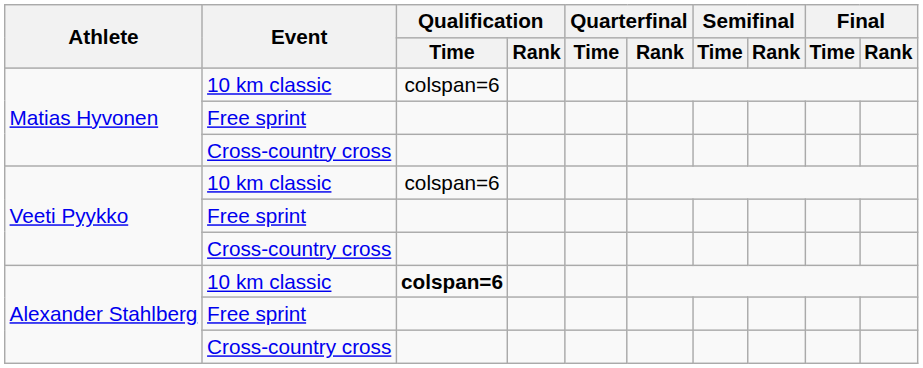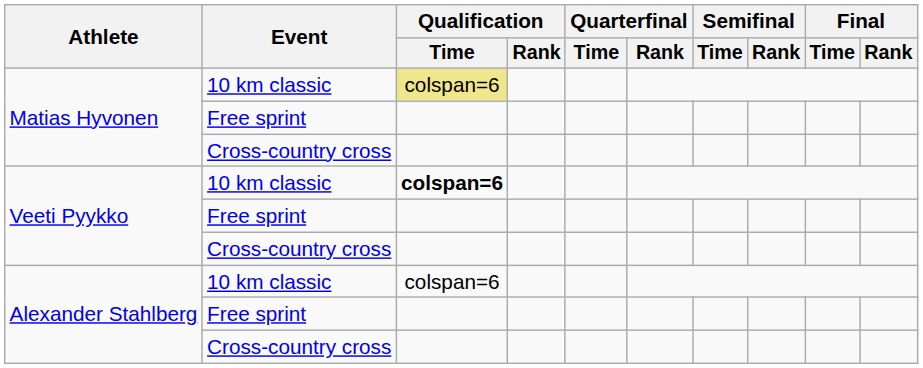 <table class="wikitable" style="font-size:90%">
 <tr>
 <th rowspan="2">Athlete</th>
 <th rowspan="2">Event</th>
 <th colspan="2">Qualification</th>
 <th colspan="2">Quarterfinal</th>
 <th colspan="2">Semifinal</th>
 <th colspan="2">Final</th>
 </tr>
 <tr style="font-size:95%">
 <th>Time</th>
 <th>Rank</th>
 <th>Time</th>
 <th>Rank</th>
 <th>Time</th>
 <th>Rank</th>
 <th>Time</th>
 <th>Rank</th>
 </tr>
 <tr align=center>
 <td align=left rowspan=3><a href='#'>Matias Hyvonen</a></td>
 <td align=left><a href='#'>10 km classic</a></td>
-<td>colspan=6 </td>
+<td style="background: khaki;">colspan=6 </td>
 <td></td>
 <td></td>
 </tr>
 <tr align=center>
 <td align=left><a href='#'>Free sprint</a></td>
 <td></td>
 <td></td>
 <td></td>
 <td></td>
 <td></td>
 <td></td>
 <td></td>
 <td></td>
 </tr>
 <tr align=center>
 <td align=left><a href='#'>Cross-country cross</a></td>
 <td></td>
 <td></td>
 <td></td>
 <td></td>
 <td></td>
 <td></td>
 <td></td>
 <td></td>
 </tr>
 <tr align=center>
 <td align=left rowspan=3><a href='#'>Veeti Pyykko</a></td>
 <td align=left><a href='#'>10 km classic</a></td>
-<td>colspan=6 </td>
+<td><strong>colspan=6 </strong></td>
 <td></td>
 <td></td>
 </tr>
 <tr align=center>
 <td align=left><a href='#'>Free sprint</a></td>
 <td></td>
 <td></td>
 <td></td>
 <td></td>
 <td></td>
 <td></td>
 <td></td>
 <td></td>
 </tr>
 <tr align=center>
 <td align=left><a href='#'>Cross-country cross</a></td>
 <td></td>
 <td></td>
 <td></td>
 <td></td>
 <td></td>
 <td></td>
 <td></td>
 <td></td>
 </tr>
 <tr align=center>
 <td align=left rowspan=3><a href='#'>Alexander Stahlberg</a></td>
 <td align=left><a href='#'>10 km classic</a></td>
-<td><strong>colspan=6 </strong></td>
+<td>colspan=6 </td>
 <td></td>
 <td></td>
 </tr>
 <tr align=center>
 <td align=left><a href='#'>Free sprint</a></td>
 <td></td>
 <td></td>
 <td></td>
 <td></td>
 <td></td>
 <td></td>
 <td></td>
 <td></td>
 </tr>
 <tr align=center>
 <td align=left><a href='#'>Cross-country cross</a></td>
 <td></td>
 <td></td>
 <td></td>
 <td></td>
 <td></td>
 <td></td>
 <td></td>
 <td></td>
 </tr>
 </table>
